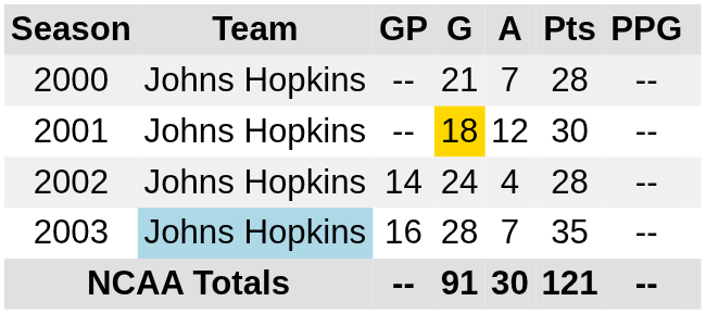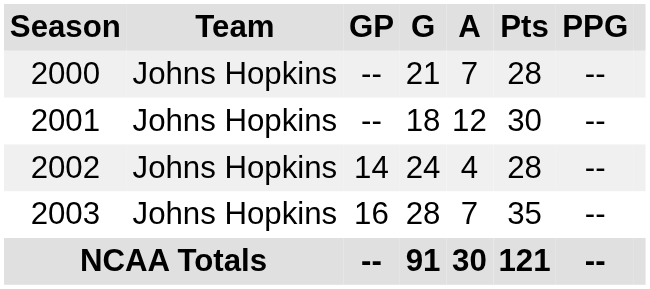 <table BORDER="0" CELLPADDING="3" CELLSPACING="0">
 <tr ALIGN="center" bgcolor="#e0e0e0">
 <th>Season</th>
 <th>Team</th>
 <th>GP</th>
 <th>G</th>
 <th>A</th>
 <th>Pts</th>
 <th>PPG</th>
 <th></th>
 </tr>
 <tr ALIGN="center" bgcolor="#f0f0f0">
 <td>2000</td>
 <td>Johns Hopkins</td>
 <td>--</td>
 <td>21</td>
 <td>7</td>
 <td>28</td>
 <td>--</td>
 <td></td>
 </tr>
 <tr ALIGN="center">
 <td>2001</td>
 <td>Johns Hopkins</td>
 <td>--</td>
-<td style="background: gold;">18</td>
+<td>18</td>
 <td>12</td>
 <td>30</td>
 <td>--</td>
 <td></td>
 </tr>
 <tr ALIGN="center" bgcolor="#f0f0f0">
 <td>2002</td>
 <td>Johns Hopkins</td>
 <td>14</td>
 <td>24</td>
 <td>4</td>
 <td>28</td>
 <td>--</td>
 <td></td>
 </tr>
 <tr ALIGN="center">
 <td>2003</td>
-<td style="background: lightblue;">Johns Hopkins</td>
+<td>Johns Hopkins</td>
 <td>16</td>
 <td>28</td>
 <td>7</td>
 <td>35</td>
 <td>--</td>
 <td></td>
 </tr>
 <tr ALIGN="center" bgcolor="#e0e0e0">
 <th colspan="2">NCAA Totals</th>
 <th>--</th>
 <th>91</th>
 <th>30</th>
 <th>121</th>
 <th>--</th>
 <th></th>
 </tr>
 </table>
